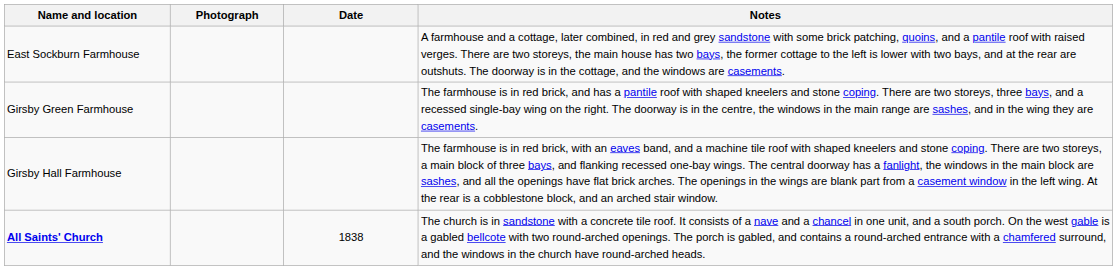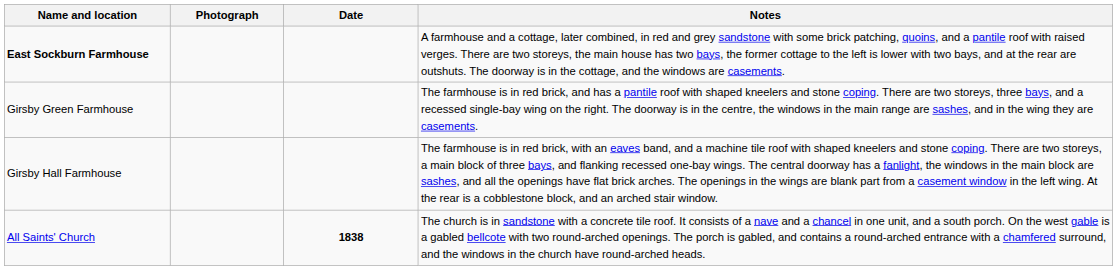 <table class="wikitable sortable plainrowheaders" style="width:100%;border:0px;text-align:left;line-height:150%;">
 <tr>
 <th scope="col"  style="width:150px">Name and location</th>
 <th scope="col"  style="width:100px" class="unsortable">Photograph</th>
 <th scope="col"  style="width:120px">Date</th>
 <th scope="col"  style="width:650px" class="unsortable">Notes</th>
 </tr>
 <tr>
-<td>East Sockburn Farmhouse<br><small></small></td>
+<td><strong>East Sockburn Farmhouse<br><small></small></strong></td>
 <td></td>
 <td align="center"></td>
 <td>A farmhouse and a cottage, later combined, in red and grey <a href='#'>sandstone</a> with some brick patching, <a href='#'>quoins</a>, and a <a href='#'>pantile</a> roof with raised verges.  There are two storeys, the main house has two <a href='#'>bays</a>, the former cottage to the left is lower with two bays, and at the rear are outshuts.  The doorway is in the cottage, and the windows are <a href='#'>casements</a>.</td>
 </tr>
 <tr>
 <td>Girsby Green Farmhouse<br><small></small></td>
 <td></td>
 <td align="center"></td>
 <td>The farmhouse is in red brick, and has a <a href='#'>pantile</a> roof with shaped kneelers and stone <a href='#'>coping</a>.  There are two storeys, three <a href='#'>bays</a>, and a recessed single-bay wing on the right.  The doorway is in the centre, the windows in the main range are <a href='#'>sashes</a>, and in the wing they are <a href='#'>casements</a>.</td>
 </tr>
 <tr>
 <td>Girsby Hall Farmhouse<br><small></small></td>
 <td></td>
 <td align="center"></td>
 <td>The farmhouse is in red brick, with an <a href='#'>eaves</a> band, and a machine tile roof with shaped kneelers and stone <a href='#'>coping</a>.  There are two storeys, a main block of three <a href='#'>bays</a>, and flanking recessed one-bay wings.  The central doorway has a <a href='#'>fanlight</a>, the windows in the main block are <a href='#'>sashes</a>, and all the openings have flat brick arches.  The openings in the wings are blank part from a <a href='#'>casement window</a> in the left wing.  At the rear is a  cobblestone block, and an arched stair window.</td>
 </tr>
 <tr>
-<td><strong><a href='#'>All Saints' Church</a><br><small></small></strong></td>
+<td><a href='#'>All Saints' Church</a><br><small></small></td>
 <td></td>
-<td align="center">1838</td>
+<td align="center"><strong>1838</strong></td>
 <td>The church is in <a href='#'>sandstone</a> with a concrete tile roof.  It consists of a <a href='#'>nave</a> and a <a href='#'>chancel</a> in one unit, and a south porch.  On the west <a href='#'>gable</a> is a gabled <a href='#'>bellcote</a> with two round-arched openings.  The porch is gabled, and contains a round-arched entrance with a <a href='#'>chamfered</a> surround, and the windows in the church have round-arched heads.</td>
 </tr>
 <tr>
 </tr>
 </table>
